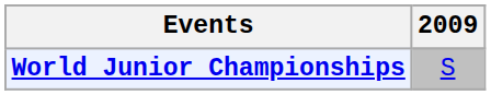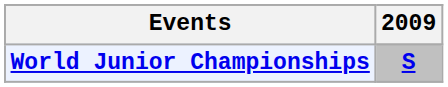 <table class="wikitable" style="font-size: 90%; text-align:center">
 <tr>
 <th>Events</th>
 <th>2009</th>
 </tr>
 <tr>
 <td bgcolor="#ECF2FF"; align="left"><strong><a href='#'>World Junior Championships</a></strong></td>
-<td bgcolor=silver><a href='#'>S</a></td>
+<td bgcolor=silver><strong><a href='#'>S</a></strong></td>
 </tr>
 </table>
